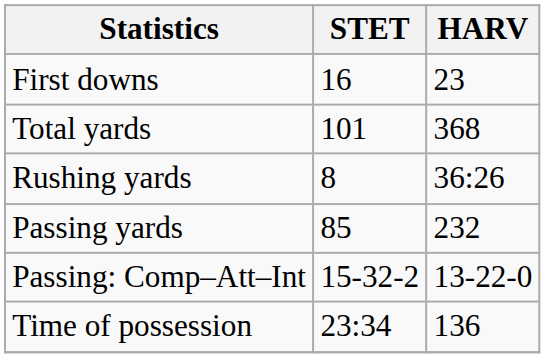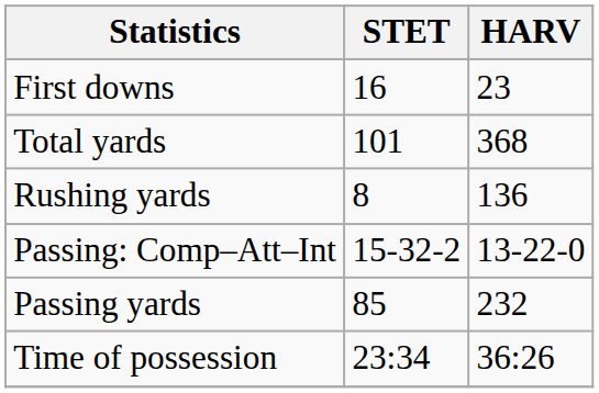 <table class="wikitable" style="float: left;">
 <tr>
 <th>Statistics</th>
 <th>STET</th>
 <th>HARV</th>
 </tr>
 <tr>
 <td>First downs</td>
 <td>16</td>
 <td>23</td>
 </tr>
 <tr>
 <td>Total yards</td>
 <td>101</td>
 <td>368</td>
 </tr>
 <tr>
 <td>Rushing yards</td>
 <td>8</td>
-<td>36:26</td>
+<td>136</td>
+</tr>
+<tr>
+<td>Passing: Comp–Att–Int</td>
+<td>15-32-2</td>
+<td>13-22-0</td>
 </tr>
 <tr>
 <td>Passing yards</td>
 <td>85</td>
 <td>232</td>
 </tr>
 <tr>
-<td>Passing: Comp–Att–Int</td>
-<td>15-32-2</td>
-<td>13-22-0</td>
-</tr>
-<tr>
 <td>Time of possession</td>
 <td>23:34</td>
-<td>136</td>
+<td>36:26</td>
 </tr>
 <tr>
 </tr>
 </table>
